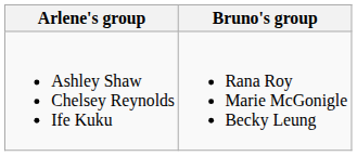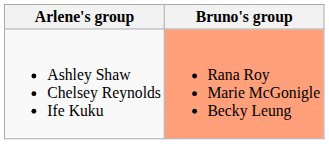 <table class="wikitable">
 <tr>
 <th><strong>Arlene's group</strong></th>
 <th><strong>Bruno's group</strong></th>
 </tr>
 <tr>
 <td><br><ul><li>Ashley Shaw</li><li>Chelsey Reynolds</li><li>Ife Kuku</li></ul></td>
-<td><br><ul><li>Rana Roy</li><li>Marie McGonigle</li><li>Becky Leung</li></ul></td>
+<td style="background: lightsalmon;"><br><ul><li>Rana Roy</li><li>Marie McGonigle</li><li>Becky Leung</li></ul></td>
 </tr>
 </table>
